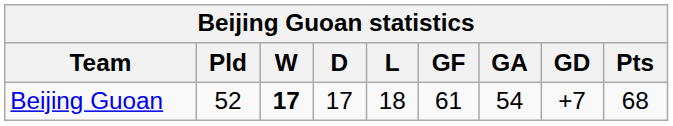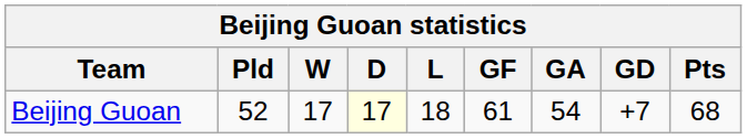 <table width=70% class="wikitable" style="text-align:">
 <tr>
 <th colspan=9>Beijing Guoan statistics</th>
 </tr>
 <tr>
 <th width=20%>Team</th>
 <th width=5%>Pld</th>
 <th width=5%>W</th>
 <th width=5%>D</th>
 <th width=5%>L</th>
 <th width=5%>GF</th>
 <th width=5%>GA</th>
 <th width=5%>GD</th>
 <th width=5%>Pts</th>
 </tr>
 <tr align=center>
 <td align=left> <a href='#'>Beijing Guoan</a></td>
 <td>52</td>
-<td><strong>17</strong></td>
 <td>17</td>
+<td style="background: lightyellow;">17</td>
 <td>18</td>
 <td>61</td>
 <td>54</td>
 <td>+7</td>
 <td>68</td>
 </tr>
 </table>
